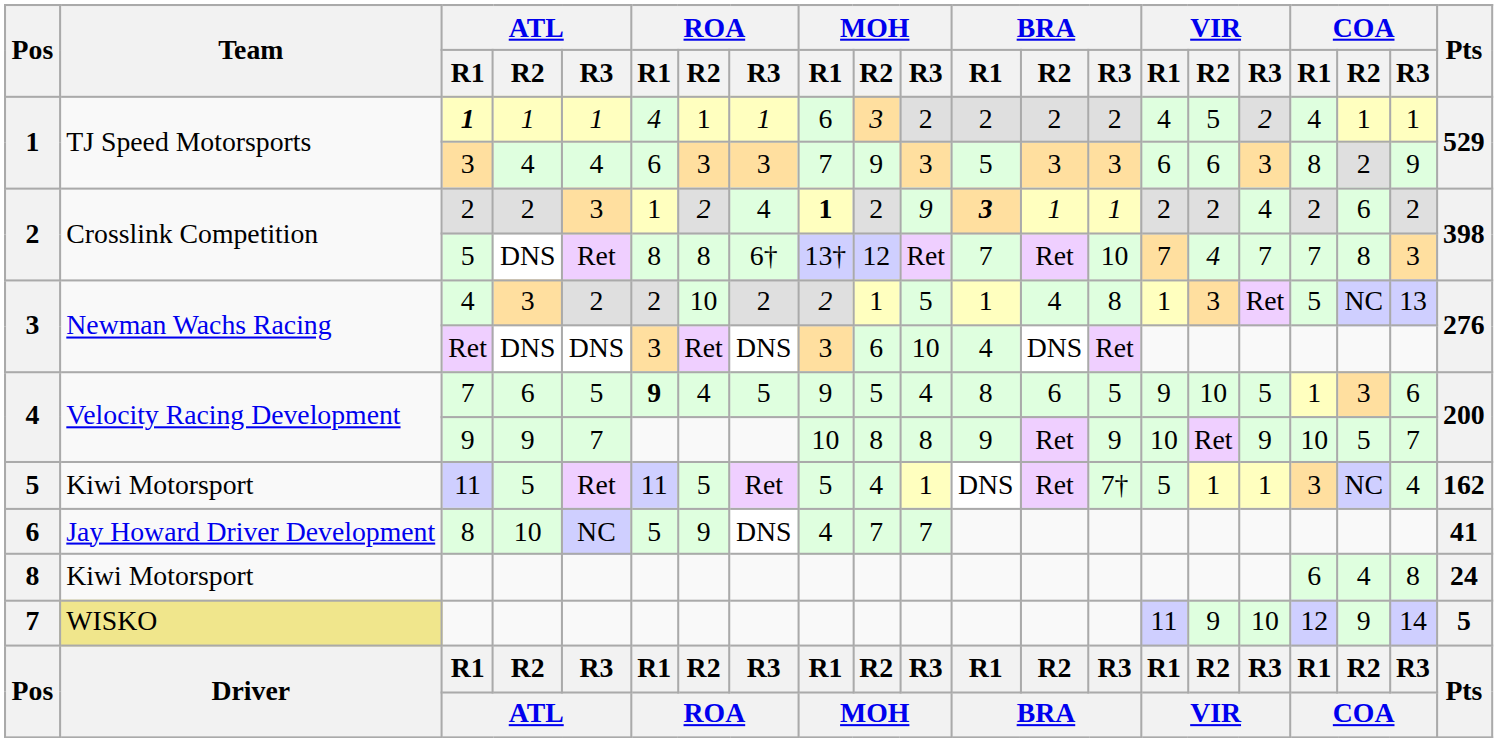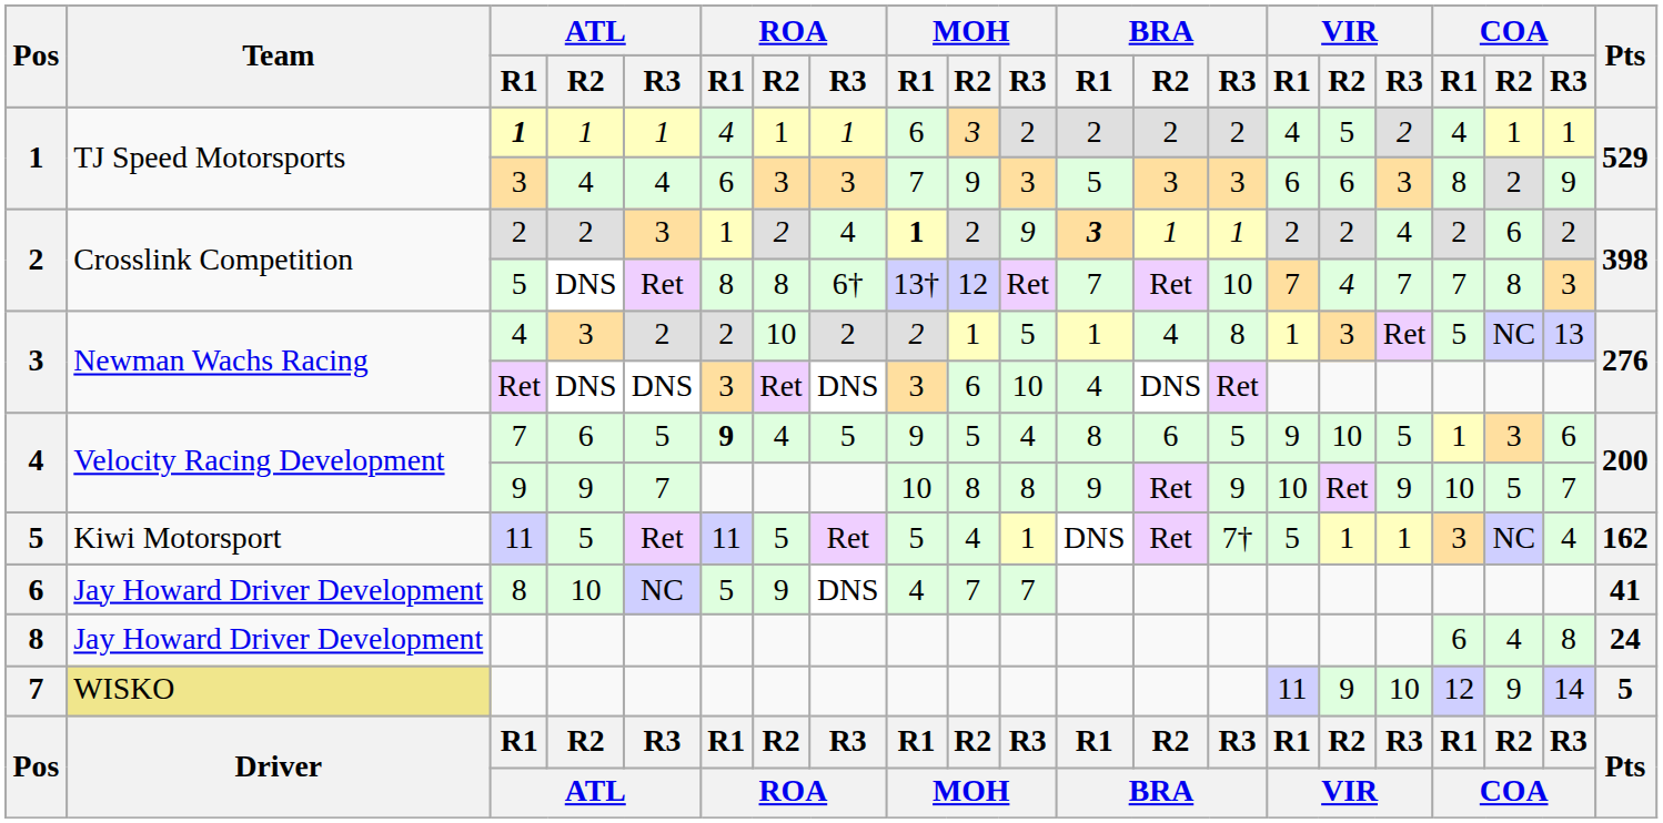 <table class="wikitable" style="font-size:85%; text-align:center">
 <tr style="background:#f9f9f9" valign="top">
 <th rowspan="2" valign="middle">Pos</th>
 <th rowspan="2" valign="middle">Team</th>
 <th colspan=3><a href='#'>ATL</a></th>
 <th colspan=3><a href='#'>ROA</a></th>
 <th colspan=3><a href='#'>MOH</a></th>
 <th colspan=3><a href='#'>BRA</a></th>
 <th colspan=3><a href='#'>VIR</a></th>
 <th colspan=3><a href='#'>COA</a></th>
 <th rowspan="2" valign="middle">Pts</th>
 </tr>
 <tr>
 <th>R1</th>
 <th>R2</th>
 <th>R3</th>
 <th>R1</th>
 <th>R2</th>
 <th>R3</th>
 <th>R1</th>
 <th>R2</th>
 <th>R3</th>
 <th>R1</th>
 <th>R2</th>
 <th>R3</th>
 <th>R1</th>
 <th>R2</th>
 <th>R3</th>
 <th>R1</th>
 <th>R2</th>
 <th>R3</th>
 </tr>
 <tr>
 <th rowspan="2">1</th>
 <td rowspan="2" align="left">  TJ Speed Motorsports</td>
 <td style="background:#ffffbf;"><strong><em>1</em></strong></td>
 <td style="background:#ffffbf;"><em>1</em></td>
 <td style="background:#ffffbf;"><em>1</em></td>
 <td style="background:#dfffdf;"><em>4</em></td>
 <td style="background:#ffffbf;">1</td>
 <td style="background:#ffffbf;"><em>1</em></td>
 <td style="background:#dfffdf;">6</td>
 <td style="background:#ffdf9f;"><em>3</em></td>
 <td style="background:#dfdfdf;">2</td>
 <td style="background:#dfdfdf;">2</td>
 <td style="background:#dfdfdf;">2</td>
 <td style="background:#dfdfdf;">2</td>
 <td style="background:#dfffdf;">4</td>
 <td style="background:#dfffdf;">5</td>
 <td style="background:#dfdfdf;"><em>2</em></td>
 <td style="background:#dfffdf;">4</td>
 <td style="background:#ffffbf;">1</td>
 <td style="background:#ffffbf;">1</td>
 <th rowspan="2">529</th>
 </tr>
 <tr>
 <td style="background:#ffdf9f;">3</td>
 <td style="background:#dfffdf;">4</td>
 <td style="background:#dfffdf;">4</td>
 <td style="background:#dfffdf;">6</td>
 <td style="background:#ffdf9f;">3</td>
 <td style="background:#ffdf9f;">3</td>
 <td style="background:#dfffdf;">7</td>
 <td style="background:#dfffdf;">9</td>
 <td style="background:#ffdf9f;">3</td>
 <td style="background:#dfffdf;">5</td>
 <td style="background:#ffdf9f;">3</td>
 <td style="background:#ffdf9f;">3</td>
 <td style="background:#dfffdf;">6</td>
 <td style="background:#dfffdf;">6</td>
 <td style="background:#ffdf9f;">3</td>
 <td style="background:#dfffdf;">8</td>
 <td style="background:#dfdfdf;">2</td>
 <td style="background:#dfffdf;">9</td>
 </tr>
 <tr>
 <th rowspan="2">2</th>
 <td rowspan="2" align="left"> Crosslink Competition</td>
 <td style="background:#dfdfdf;">2</td>
 <td style="background:#dfdfdf;">2</td>
 <td style="background:#ffdf9f;">3</td>
 <td style="background:#ffffbf;">1</td>
 <td style="background:#dfdfdf;"><em>2</em></td>
 <td style="background:#dfffdf;">4</td>
 <td style="background:#ffffbf;"><strong>1</strong></td>
 <td style="background:#dfdfdf;">2</td>
 <td style="background:#dfffdf;"><em>9</em></td>
 <td style="background:#ffdf9f;"><strong><em>3</em></strong></td>
 <td style="background:#ffffbf;"><em>1</em></td>
 <td style="background:#ffffbf;"><em>1</em></td>
 <td style="background:#dfdfdf;">2</td>
 <td style="background:#dfdfdf;">2</td>
 <td style="background:#dfffdf;">4</td>
 <td style="background:#dfdfdf;">2</td>
 <td style="background:#dfffdf;">6</td>
 <td style="background:#dfdfdf;">2</td>
 <th rowspan="2">398</th>
 </tr>
 <tr>
 <td style="background:#dfffdf;">5</td>
 <td style="background:#ffffff;">DNS</td>
 <td style="background:#efcfff;">Ret</td>
 <td style="background:#dfffdf;">8</td>
 <td style="background:#dfffdf;">8</td>
 <td style="background:#dfffdf;">6†</td>
 <td style="background:#cfcfff;">13†</td>
 <td style="background:#cfcfff;">12</td>
 <td style="background:#efcfff;">Ret</td>
 <td style="background:#dfffdf;">7</td>
 <td style="background:#efcfff;">Ret</td>
 <td style="background:#dfffdf;">10</td>
 <td style="background:#ffdf9f;">7</td>
 <td style="background:#dfffdf;"><em>4</em></td>
 <td style="background:#dfffdf;">7</td>
 <td style="background:#dfffdf;">7</td>
 <td style="background:#dfffdf;">8</td>
 <td style="background:#ffdf9f;">3</td>
 </tr>
 <tr>
 <th rowspan="2">3</th>
 <td rowspan="2" align="left"> <a href='#'>Newman Wachs Racing</a></td>
 <td style="background:#dfffdf;">4</td>
 <td style="background:#ffdf9f;">3</td>
 <td style="background:#dfdfdf;">2</td>
 <td style="background:#dfdfdf;">2</td>
 <td style="background:#dfffdf;">10</td>
 <td style="background:#dfdfdf;">2</td>
 <td style="background:#dfdfdf;"><em>2</em></td>
 <td style="background:#ffffbf;">1</td>
 <td style="background:#dfffdf;">5</td>
 <td style="background:#ffffbf;">1</td>
 <td style="background:#dfffdf;">4</td>
 <td style="background:#dfffdf;">8</td>
 <td style="background:#ffffbf;">1</td>
 <td style="background:#ffdf9f;">3</td>
 <td style="background:#efcfff;">Ret</td>
 <td style="background:#dfffdf;">5</td>
 <td style="background:#cfcfff;">NC</td>
 <td style="background:#cfcfff;">13</td>
 <th rowspan="2">276</th>
 </tr>
 <tr>
 <td style="background:#efcfff;">Ret</td>
 <td style="background:#ffffff;">DNS</td>
 <td style="background:#ffffff;">DNS</td>
 <td style="background:#ffdf9f;">3</td>
 <td style="background:#efcfff;">Ret</td>
 <td style="background:#ffffff;">DNS</td>
 <td style="background:#ffdf9f;">3</td>
 <td style="background:#dfffdf;">6</td>
 <td style="background:#dfffdf;">10</td>
 <td style="background:#dfffdf;">4</td>
 <td style="background:#ffffff;">DNS</td>
 <td style="background:#efcfff;">Ret</td>
 <td></td>
 <td></td>
 <td></td>
 <td></td>
 <td></td>
 <td></td>
 </tr>
 <tr>
 <th rowspan="2">4</th>
 <td rowspan="2" align="left"> <a href='#'>Velocity Racing Development</a></td>
 <td style="background:#dfffdf;">7</td>
 <td style="background:#dfffdf;">6</td>
 <td style="background:#dfffdf;">5</td>
 <td style="background:#dfffdf;"><strong>9</strong></td>
 <td style="background:#dfffdf;">4</td>
 <td style="background:#dfffdf;">5</td>
 <td style="background:#dfffdf;">9</td>
 <td style="background:#dfffdf;">5</td>
 <td style="background:#dfffdf;">4</td>
 <td style="background:#dfffdf;">8</td>
 <td style="background:#dfffdf;">6</td>
 <td style="background:#dfffdf;">5</td>
 <td style="background:#dfffdf;">9</td>
 <td style="background:#dfffdf;">10</td>
 <td style="background:#dfffdf;">5</td>
 <td style="background:#ffffbf;">1</td>
 <td style="background:#ffdf9f;">3</td>
 <td style="background:#dfffdf;">6</td>
 <th rowspan="2">200</th>
 </tr>
 <tr>
 <td style="background:#dfffdf;">9</td>
 <td style="background:#dfffdf;">9</td>
 <td style="background:#dfffdf;">7</td>
 <td></td>
 <td></td>
 <td></td>
 <td style="background:#dfffdf;">10</td>
 <td style="background:#dfffdf;">8</td>
 <td style="background:#dfffdf;">8</td>
 <td style="background:#dfffdf;">9</td>
 <td style="background:#efcfff;">Ret</td>
 <td style="background:#dfffdf;">9</td>
 <td style="background:#dfffdf;">10</td>
 <td style="background:#efcfff;">Ret</td>
 <td style="background:#dfffdf;">9</td>
 <td style="background:#dfffdf;">10</td>
 <td style="background:#dfffdf;">5</td>
 <td style="background:#dfffdf;">7</td>
 </tr>
 <tr>
 <th>5</th>
 <td align="left"> Kiwi Motorsport</td>
 <td style="background:#cfcfff;">11</td>
 <td style="background:#dfffdf;">5</td>
 <td style="background:#efcfff;">Ret</td>
 <td style="background:#cfcfff;">11</td>
 <td style="background:#dfffdf;">5</td>
 <td style="background:#efcfff;">Ret</td>
 <td style="background:#dfffdf;">5</td>
 <td style="background:#dfffdf;">4</td>
 <td style="background:#ffffbf;">1</td>
 <td style="background:#ffffff;">DNS</td>
 <td style="background:#efcfff;">Ret</td>
 <td style="background:#dfffdf;">7†</td>
 <td style="background:#dfffdf;">5</td>
 <td style="background:#ffffbf;">1</td>
 <td style="background:#ffffbf;">1</td>
 <td style="background:#ffdf9f;">3</td>
 <td style="background:#cfcfff;">NC</td>
 <td style="background:#dfffdf;">4</td>
 <th>162</th>
 </tr>
 <tr>
 <th>6</th>
 <td nowrap="" align="left"> <a href='#'>Jay Howard Driver Development</a></td>
 <td style="background:#dfffdf;">8</td>
 <td style="background:#dfffdf;">10</td>
 <td style="background:#cfcfff;">NC</td>
 <td style="background:#dfffdf;">5</td>
 <td style="background:#dfffdf;">9</td>
 <td style="background:#ffffff;">DNS</td>
 <td style="background:#dfffdf;">4</td>
 <td style="background:#dfffdf;">7</td>
 <td style="background:#dfffdf;">7</td>
 <td></td>
 <td></td>
 <td></td>
 <td></td>
 <td></td>
 <td></td>
 <td></td>
 <td></td>
 <td></td>
 <th>41</th>
 </tr>
 <tr>
 <th>8</th>
-<td align="left"> Kiwi Motorsport</td>
+<td nowrap="" align="left"> <a href='#'>Jay Howard Driver Development</a></td>
 <td></td>
 <td></td>
 <td></td>
 <td></td>
 <td></td>
 <td></td>
 <td></td>
 <td></td>
 <td></td>
 <td></td>
 <td></td>
 <td></td>
 <td></td>
 <td></td>
 <td></td>
 <td style="background:#dfffdf;">6</td>
 <td style="background:#dfffdf;">4</td>
 <td style="background:#dfffdf;">8</td>
 <th>24</th>
 </tr>
 <tr>
 <th>7</th>
 <td align="left" style="background: khaki;"> WISKO</td>
 <td></td>
 <td></td>
 <td></td>
 <td></td>
 <td></td>
 <td></td>
 <td></td>
 <td></td>
 <td></td>
 <td></td>
 <td></td>
 <td></td>
 <td style="background:#cfcfff;">11</td>
 <td style="background:#dfffdf;">9</td>
 <td style="background:#dfffdf;">10</td>
 <td style="background:#cfcfff;">12</td>
 <td style="background:#dfffdf;">9</td>
 <td style="background:#cfcfff;">14</td>
 <th>5</th>
 </tr>
 <tr>
 <th rowspan="2">Pos</th>
 <th rowspan="2">Driver</th>
 <th>R1</th>
 <th>R2</th>
 <th>R3</th>
 <th>R1</th>
 <th>R2</th>
 <th>R3</th>
 <th>R1</th>
 <th>R2</th>
 <th>R3</th>
 <th>R1</th>
 <th>R2</th>
 <th>R3</th>
 <th>R1</th>
 <th>R2</th>
 <th>R3</th>
 <th>R1</th>
 <th>R2</th>
 <th>R3</th>
 <th rowspan="2">Pts</th>
 </tr>
 <tr valign="top">
 <th colspan="3"><a href='#'>ATL</a></th>
 <th colspan="3"><a href='#'>ROA</a></th>
 <th colspan="3"><a href='#'>MOH</a></th>
 <th colspan="3"><a href='#'>BRA</a></th>
 <th colspan="3"><a href='#'>VIR</a></th>
 <th colspan="3"><a href='#'>COA</a></th>
 </tr>
 </table>
